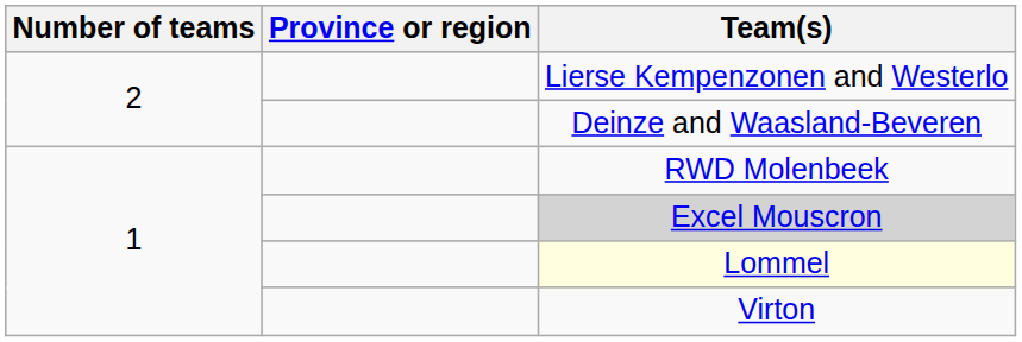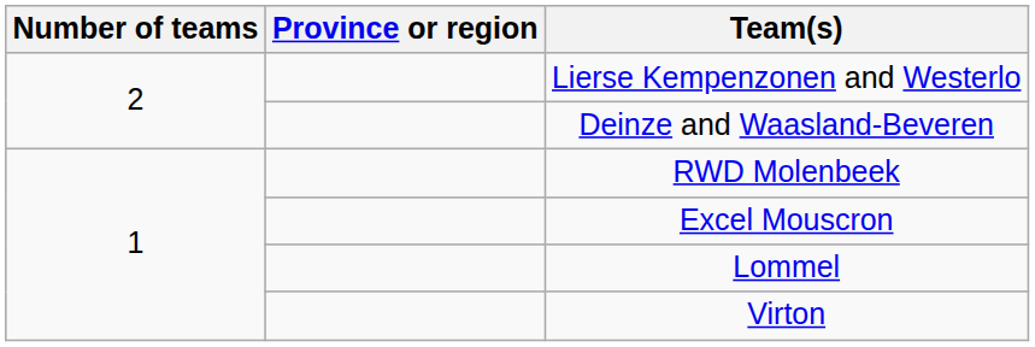 <table class="wikitable" style="text-align:center">
 <tr>
 <th>Number of teams</th>
 <th><a href='#'>Province</a> or region</th>
 <th>Team(s)</th>
 </tr>
 <tr>
 <td rowspan=2>2</td>
 <td align="left"></td>
 <td><a href='#'>Lierse Kempenzonen</a> and <a href='#'>Westerlo</a></td>
 </tr>
 <tr>
 <td align="left"></td>
 <td><a href='#'>Deinze</a> and <a href='#'>Waasland-Beveren</a></td>
 </tr>
 <tr>
 <td rowspan=4>1</td>
 <td align="left"></td>
 <td><a href='#'>RWD Molenbeek</a></td>
 </tr>
 <tr>
 <td align="left"></td>
-<td style="background: lightgrey;"><a href='#'>Excel Mouscron</a></td>
+<td><a href='#'>Excel Mouscron</a></td>
 </tr>
 <tr>
 <td align="left"></td>
-<td style="background: lightyellow;"><a href='#'>Lommel</a></td>
+<td><a href='#'>Lommel</a></td>
 </tr>
 <tr>
 <td align="left"></td>
 <td><a href='#'>Virton</a></td>
 </tr>
 </table>
